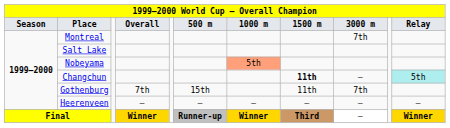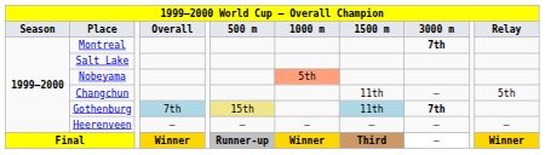 <table class="wikitable collapsible collapsed" style="font-size: 100%; text-align: center">
 <tr>
 <th colspan="19" style="background:#FF0; width:400px; "><span>1999–2000 World Cup – Overall Champion</span></th>
 </tr>
 <tr>
 <th style="background:#e4e7eb; width:80px;">Season</th>
 <th style="background:#e4e7eb; width:80px;">Place</th>
 <td width=1% rowspan=8 style="border-top:none;border-bottom:none;"></td>
 <th style="background:#e4e7eb; width:80px;">Overall</th>
 <td width=1% rowspan=8 style="border-top:none;border-bottom:none;"></td>
 <th style="background:#e4e7eb; width:80px;">500 m</th>
 <th style="background:#e4e7eb; width:80px;">1000 m</th>
 <th style="background:#e4e7eb; width:80px;">1500 m</th>
 <th style="background:#e4e7eb; width:80px;">3000 m</th>
 <td width=1% rowspan=8 style="border-top:none;border-bottom:none;"></td>
 <th style="background:#e4e7eb; width:80px;">Relay</th>
 </tr>
 <tr align=center>
 <td rowspan=6><strong>1999–2000</strong></td>
 <td><a href='#'>Montreal</a></td>
 <td></td>
 <td></td>
 <td></td>
 <td></td>
-<td>7th</td>
+<td><strong>7th</strong></td>
 <td></td>
 </tr>
 <tr align=center>
 <td><a href='#'>Salt Lake</a></td>
 <td></td>
 <td></td>
 <td></td>
 <td></td>
 <td></td>
 <td></td>
 </tr>
 <tr align=center>
 <td><a href='#'>Nobeyama</a></td>
 <td></td>
 <td></td>
 <td style="background: lightsalmon;">5th</td>
 <td></td>
 <td></td>
 <td></td>
 </tr>
 <tr align=center>
 <td><a href='#'>Changchun</a></td>
 <td></td>
 <td></td>
 <td></td>
-<td><strong>11th</strong></td>
+<td>11th</td>
 <td><em>—</em></td>
-<td style="background: paleturquoise;">5th</td>
+<td>5th</td>
 </tr>
 <tr align=center>
 <td><a href='#'>Gothenburg</a></td>
-<td>7th</td>
-<td>15th</td>
+<td style="background: lightblue;">7th</td>
+<td style="background: khaki;">15th</td>
 <td></td>
-<td>11th</td>
-<td>7th</td>
+<td style="background: lightblue;">11th</td>
+<td><strong>7th</strong></td>
 <td></td>
 </tr>
 <tr align=center>
 <td><a href='#'>Heerenveen</a></td>
 <td><em>—</em></td>
 <td><em>—</em></td>
 <td><em>—</em></td>
 <td><em>—</em></td>
 <td><em>—</em></td>
 <td><em>—</em></td>
 </tr>
 <tr style="text-align:center; background:#dadde0;">
 <td colspan="2" style="background:#FF0; color:black;"><strong>Final</strong></td>
 <td style="background:gold;"><strong>Winner</strong></td>
 <td style="background:silver;"><strong>Runner-up</strong></td>
 <td style="background:gold;"><strong>Winner</strong></td>
 <td style="background:#c96;"><strong>Third</strong></td>
 <td style="background:#FFF;"><em>—</em></td>
 <td style="background:gold;"><strong>Winner</strong></td>
 </tr>
 </table>
